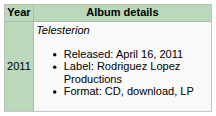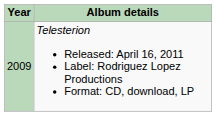 <table class ="wikitable">
 <tr>
 <th width="35" style="background: #bad8ba">Year</th>
 <th width="250" style="background: #bad8ba">Album details</th>
 </tr>
 <tr>
-<td style="background: #bad8ba; text-align: center">2011</td>
+<td style="background: #bad8ba; text-align: center">2009</td>
 <td><em>Telesterion</em><br><ul><li>Released:  April 16, 2011</li><li>Label: Rodriguez Lopez Productions</li><li>Format: CD, download, LP</li></ul></td>
 </tr>
 </table>
